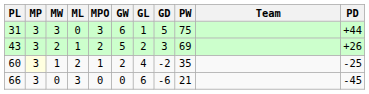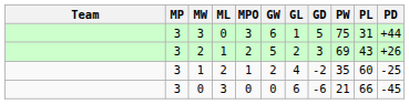 <table class=wikitable style="text-align:center">
 <tr>
-<th width=20>PL</th>
+<th width=175>Team</th>
 <th width=20>MP</th>
 <th width=20>MW</th>
 <th width=20>ML</th>
 <th width=20>MPO</th>
 <th width=20>GW</th>
 <th width=20>GL</th>
 <th width=20>GD</th>
 <th width=20>PW</th>
-<th width=175>Team</th>
+<th width=20>PL</th>
 <th width=20>PD</th>
 </tr>
 <tr style="background:#cfc;">
-<td>31</td>
+<td align=left><strong><br></strong></td>
 <td>3</td>
 <td>3</td>
 <td>0</td>
 <td>3</td>
 <td>6</td>
 <td>1</td>
 <td>5</td>
 <td>75</td>
-<td align=left><strong><br></strong></td>
+<td>31</td>
 <td>+44</td>
 </tr>
 <tr style="background:#cfc;">
-<td>43</td>
+<td align=left><strong><br></strong></td>
 <td>3</td>
 <td>2</td>
 <td>1</td>
 <td>2</td>
 <td>5</td>
 <td>2</td>
 <td>3</td>
 <td>69</td>
-<td align=left><strong><br></strong></td>
+<td>43</td>
 <td>+26</td>
 </tr>
 <tr>
-<td>60</td>
-<td style="background: lightyellow;">3</td>
+<td align=left><br></td>
+<td>3</td>
 <td>1</td>
 <td>2</td>
 <td>1</td>
 <td>2</td>
 <td>4</td>
 <td>-2</td>
 <td>35</td>
-<td align=left><br></td>
+<td>60</td>
 <td>-25</td>
 </tr>
 <tr>
-<td>66</td>
+<td align=left><br></td>
 <td>3</td>
 <td>0</td>
 <td>3</td>
 <td>0</td>
 <td>0</td>
 <td>6</td>
 <td>-6</td>
 <td>21</td>
-<td align=left><br></td>
+<td>66</td>
 <td>-45</td>
 </tr>
 </table>
